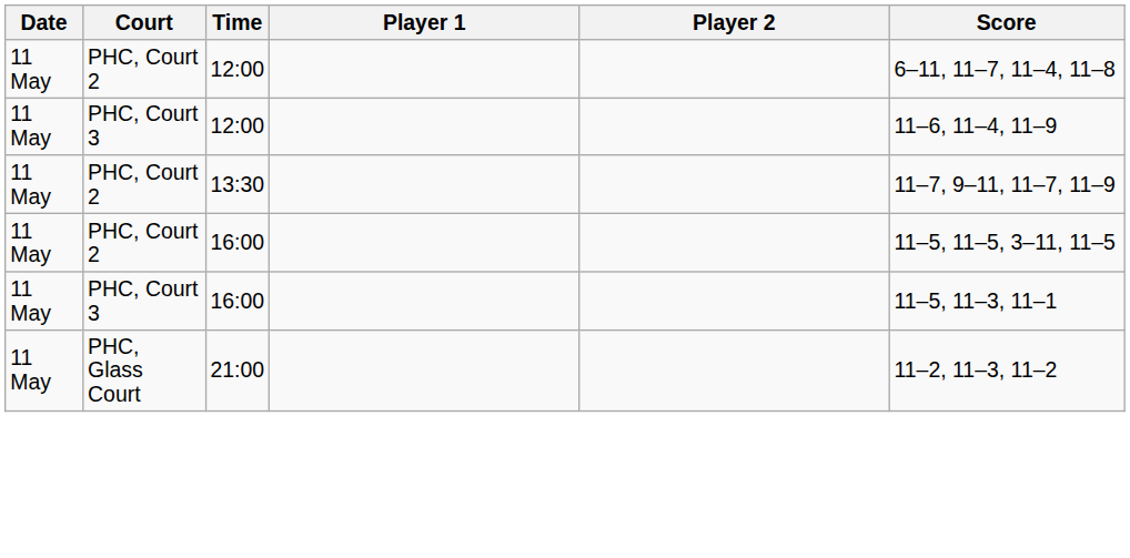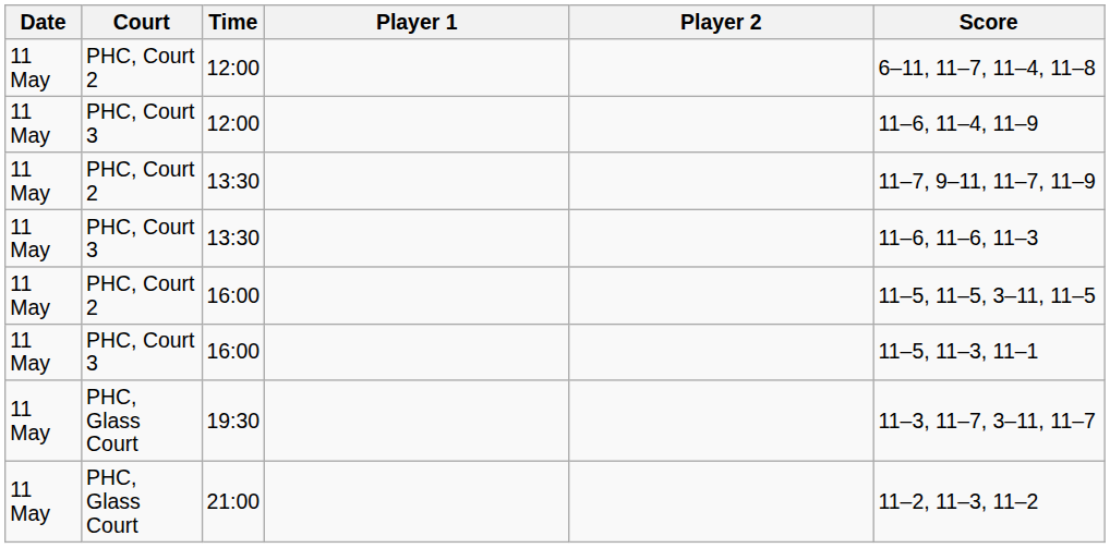 <table class="sortable wikitable" style="font-size:90%">
 <tr>
 <th width="45" class="unsortable">Date</th>
 <th width="75">Court</th>
 <th width="30">Time</th>
 <th width="200">Player 1</th>
 <th width="200">Player 2</th>
 <th width="150" class="unsortable">Score</th>
 </tr>
 <tr>
 <td>11 May</td>
 <td>PHC, Court 2</td>
 <td>12:00</td>
 <td></td>
 <td><strong></strong></td>
 <td>6–11, 11–7, 11–4, 11–8</td>
 </tr>
 <tr>
 <td>11 May</td>
 <td>PHC, Court 3</td>
 <td>12:00</td>
 <td><strong></strong></td>
 <td></td>
 <td>11–6, 11–4, 11–9</td>
 </tr>
 <tr>
 <td>11 May</td>
 <td>PHC, Court 2</td>
 <td>13:30</td>
 <td><strong></strong></td>
 <td></td>
 <td>11–7, 9–11, 11–7, 11–9</td>
 </tr>
 <tr>
 <td>11 May</td>
+<td>PHC, Court 3</td>
+<td>13:30</td>
+<td></td>
+<td><strong></strong></td>
+<td>11–6, 11–6, 11–3</td>
+</tr>
+<tr>
+<td>11 May</td>
 <td>PHC, Court 2</td>
 <td>16:00</td>
 <td></td>
 <td><strong></strong></td>
 <td>11–5, 11–5, 3–11, 11–5</td>
 </tr>
 <tr>
 <td>11 May</td>
 <td>PHC, Court 3</td>
 <td>16:00</td>
 <td><strong></strong></td>
 <td></td>
 <td>11–5, 11–3, 11–1</td>
 </tr>
 <tr>
 <td>11 May</td>
 <td>PHC, Glass Court</td>
+<td>19:30</td>
+<td></td>
+<td><strong></strong></td>
+<td>11–3, 11–7, 3–11, 11–7</td>
+</tr>
+<tr>
+<td>11 May</td>
+<td>PHC, Glass Court</td>
 <td>21:00</td>
 <td><strong></strong></td>
 <td></td>
 <td>11–2, 11–3, 11–2</td>
 </tr>
 </table>
